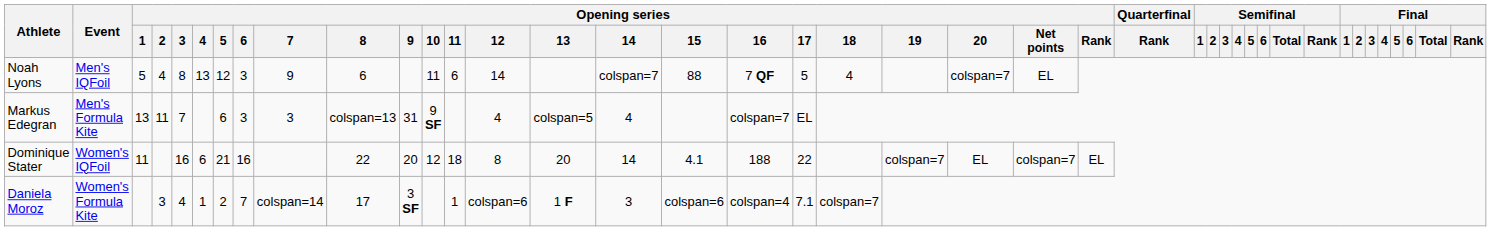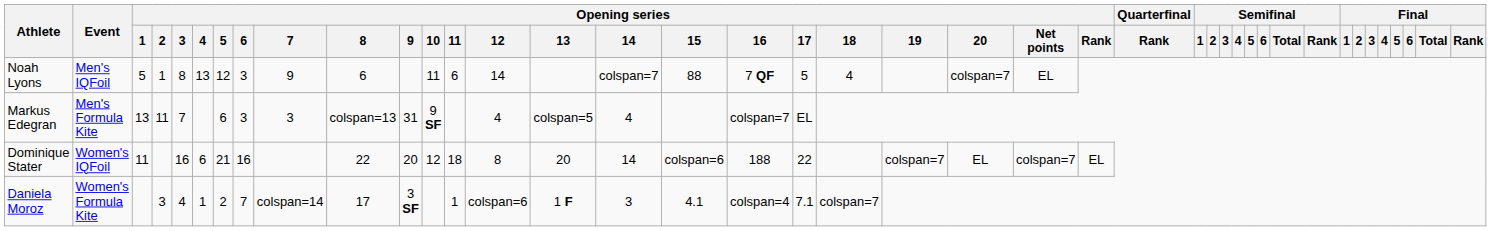 <table class=wikitable style=font-size:90%;text-align:center>
 <tr>
 <th rowspan=2>Athlete</th>
 <th rowspan=2>Event</th>
 <th colspan=22>Opening series</th>
 <th>Quarterfinal</th>
 <th colspan=8>Semifinal</th>
 <th colspan=8>Final</th>
 </tr>
 <tr style=font-size:95%>
 <th>1</th>
 <th>2</th>
 <th>3</th>
 <th>4</th>
 <th>5</th>
 <th>6</th>
 <th>7</th>
 <th>8</th>
 <th>9</th>
 <th>10</th>
 <th>11</th>
 <th>12</th>
 <th>13</th>
 <th>14</th>
 <th>15</th>
 <th>16</th>
 <th>17</th>
 <th>18</th>
 <th>19</th>
 <th>20</th>
 <th>Net points</th>
 <th>Rank</th>
 <th>Rank</th>
 <th>1</th>
 <th>2</th>
 <th>3</th>
 <th>4</th>
 <th>5</th>
 <th>6</th>
 <th>Total</th>
 <th>Rank</th>
 <th>1</th>
 <th>2</th>
 <th>3</th>
 <th>4</th>
 <th>5</th>
 <th>6</th>
 <th>Total</th>
 <th>Rank</th>
 </tr>
 <tr>
 <td align=left>Noah Lyons</td>
 <td align=left><a href='#'>Men's IQFoil</a></td>
 <td>5</td>
-<td>4</td>
+<td>1</td>
 <td>8</td>
 <td>13</td>
 <td>12</td>
 <td>3</td>
 <td>9</td>
 <td>6</td>
 <td></td>
 <td>11</td>
 <td>6</td>
 <td>14</td>
 <td></td>
 <td>colspan=7 </td>
 <td>88</td>
 <td>7 <strong>QF</strong></td>
 <td>5</td>
 <td>4</td>
 <td></td>
 <td>colspan=7 </td>
 <td>EL</td>
 </tr>
 <tr>
 <td align=left>Markus Edegran</td>
 <td align=left><a href='#'>Men's Formula Kite</a></td>
 <td>13</td>
 <td>11</td>
 <td>7</td>
 <td></td>
 <td>6</td>
 <td>3</td>
 <td>3</td>
 <td>colspan=13 </td>
 <td>31</td>
 <td>9 <strong>SF</strong></td>
 <td></td>
 <td>4</td>
 <td>colspan=5 </td>
 <td>4</td>
 <td></td>
 <td>colspan=7 </td>
 <td>EL</td>
 </tr>
 <tr>
 <td align=left>Dominique Stater</td>
 <td align=left><a href='#'>Women's IQFoil</a></td>
 <td>11</td>
 <td></td>
 <td>16</td>
 <td>6</td>
 <td>21</td>
 <td>16</td>
 <td></td>
 <td>22</td>
 <td>20</td>
 <td>12</td>
 <td>18</td>
 <td>8</td>
 <td>20</td>
 <td>14</td>
-<td>4.1 </td>
+<td>colspan=6 </td>
 <td>188</td>
 <td>22</td>
 <td></td>
 <td>colspan=7 </td>
 <td>EL</td>
 <td>colspan=7 </td>
 <td>EL</td>
 </tr>
 <tr>
 <td align=left><a href='#'>Daniela Moroz</a></td>
 <td align=left><a href='#'>Women's Formula Kite</a></td>
 <td></td>
 <td>3</td>
 <td>4</td>
 <td>1</td>
 <td>2</td>
 <td>7</td>
 <td>colspan=14 </td>
 <td>17</td>
 <td>3 <strong>SF</strong></td>
 <td></td>
 <td>1</td>
 <td>colspan=6 </td>
 <td>1 <strong>F</strong></td>
 <td>3</td>
-<td>colspan=6 </td>
+<td>4.1 </td>
 <td>colspan=4 </td>
 <td>7.1</td>
 <td>colspan=7 </td>
 </tr>
 </table>
